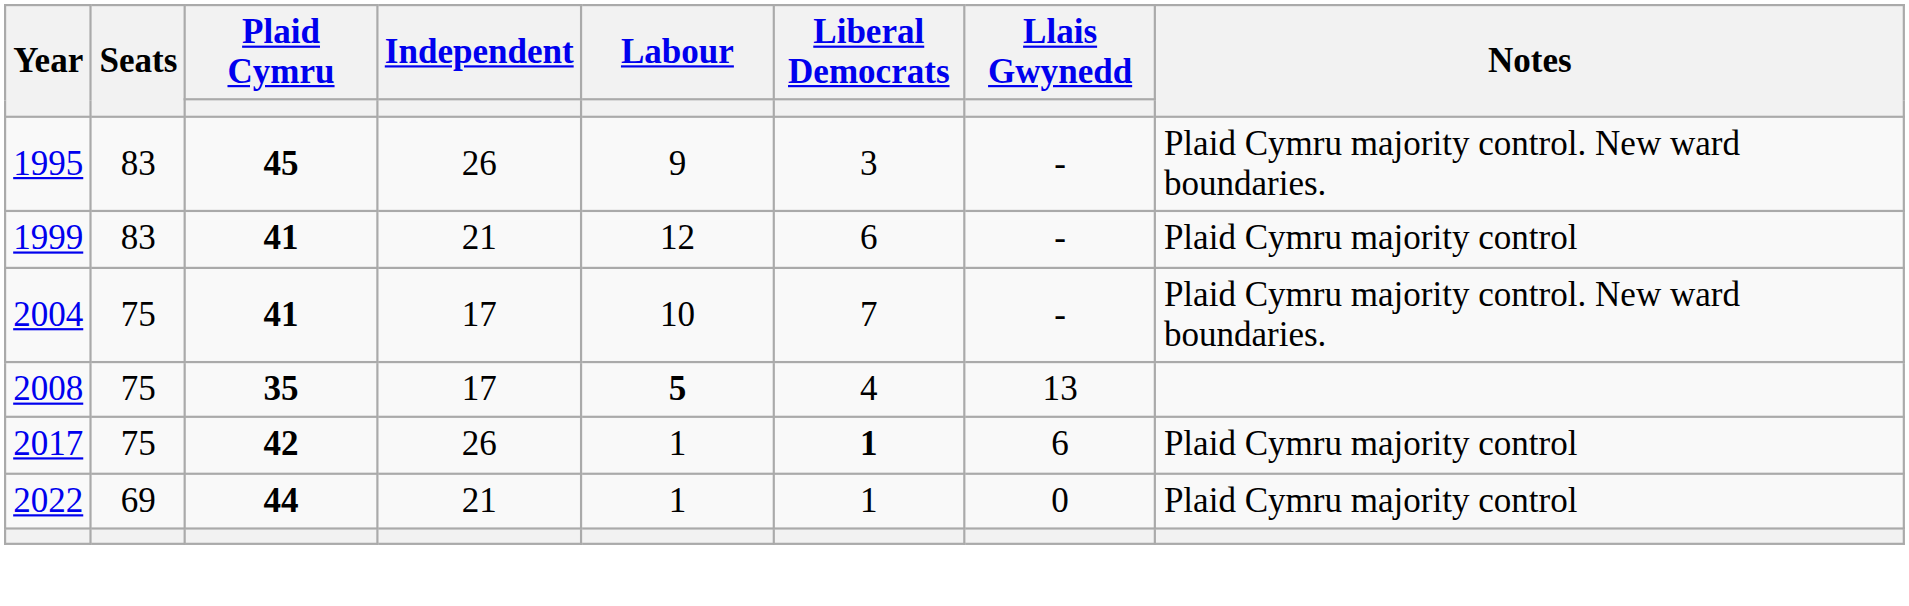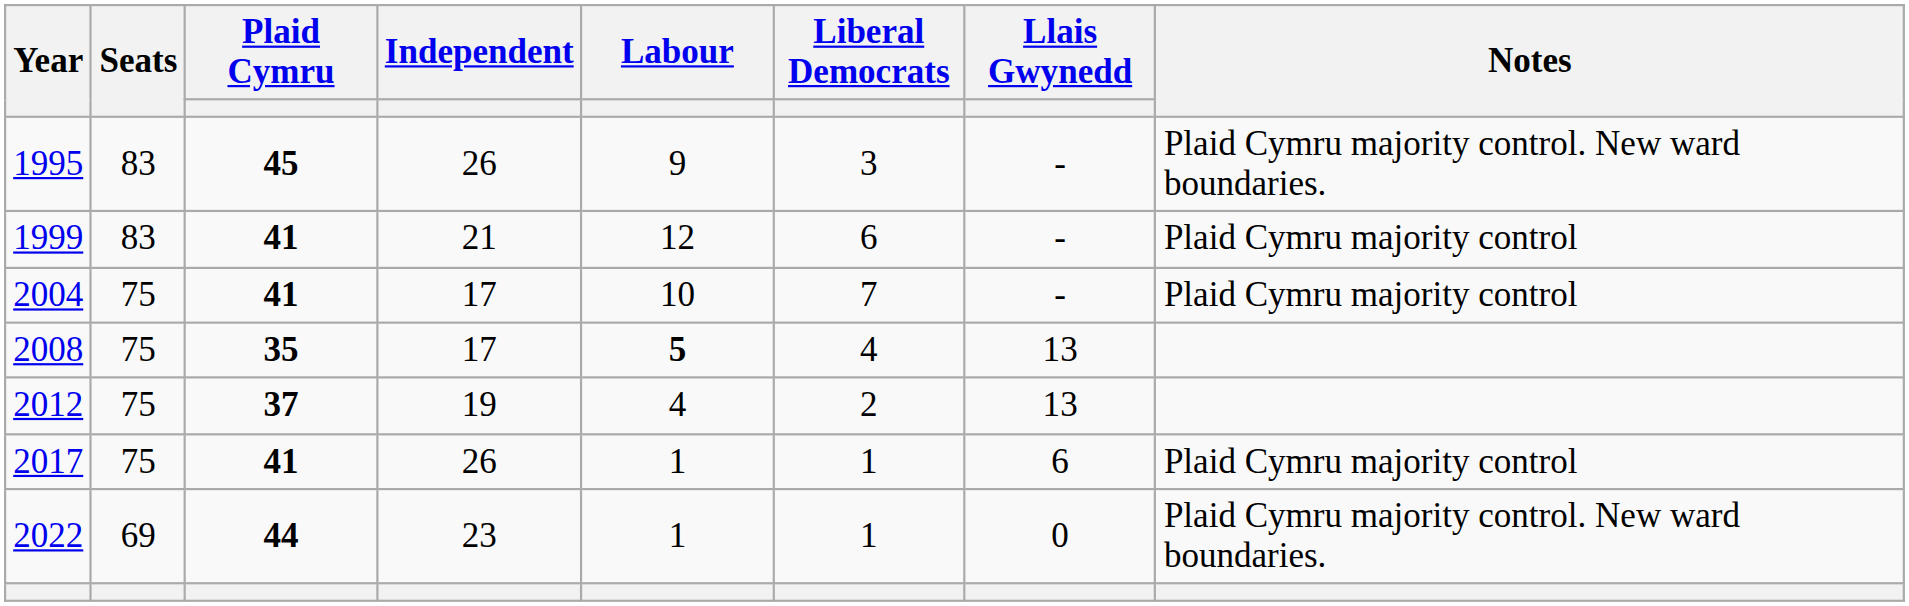 <table class="wikitable" style=text-align:center>
 <tr>
 <th rowspan=2>Year</th>
 <th rowspan=2>Seats</th>
 <th width="80"><a href='#'>Plaid Cymru</a></th>
 <th width="80"><a href='#'>Independent</a></th>
 <th width="80"><a href='#'>Labour</a></th>
 <th width="80"><a href='#'>Liberal Democrats</a></th>
 <th width="80"><a href='#'>Llais Gwynedd</a></th>
 <th rowspan=2>Notes</th>
 </tr>
 <tr>
 <th style="background-color: "></th>
 <th style="background-color: "></th>
 <th style="background-color: "></th>
 <th style="background-color: "></th>
 <th style="background-color: "></th>
 </tr>
 <tr>
 <td><a href='#'>1995</a></td>
 <td>83</td>
 <td><strong>45</strong></td>
 <td>26</td>
 <td>9</td>
 <td>3</td>
 <td>-</td>
 <td align=left>Plaid Cymru majority control. New ward boundaries.</td>
 </tr>
 <tr>
 <td><a href='#'>1999</a></td>
 <td>83</td>
 <td><strong>41</strong></td>
 <td>21</td>
 <td>12</td>
 <td>6</td>
 <td>-</td>
 <td align=left>Plaid Cymru majority control</td>
 </tr>
 <tr>
 <td><a href='#'>2004</a></td>
 <td>75</td>
 <td><strong>41</strong></td>
 <td>17</td>
 <td>10</td>
 <td>7</td>
 <td>-</td>
-<td align=left>Plaid Cymru majority control. New ward boundaries.</td>
+<td align=left>Plaid Cymru majority control</td>
 </tr>
 <tr>
 <td><a href='#'>2008</a></td>
 <td>75</td>
 <td><strong>35</strong></td>
 <td>17</td>
 <td><strong>5</strong></td>
 <td>4</td>
 <td>13</td>
 <td></td>
 </tr>
 <tr>
+<td><a href='#'>2012</a></td>
+<td>75</td>
+<td><strong>37</strong></td>
+<td>19</td>
+<td>4</td>
+<td>2</td>
+<td>13</td>
+<td></td>
+</tr>
+<tr>
 <td><a href='#'>2017</a></td>
 <td>75</td>
-<td><strong>42</strong></td>
+<td><strong>41</strong></td>
 <td>26</td>
 <td>1</td>
-<td><strong>1</strong></td>
+<td>1</td>
 <td>6</td>
 <td align=left>Plaid Cymru majority control</td>
 </tr>
 <tr>
 <td><a href='#'>2022</a></td>
 <td>69</td>
 <td><strong>44</strong></td>
-<td>21</td>
+<td>23</td>
 <td>1</td>
 <td>1</td>
 <td>0</td>
-<td align=left>Plaid Cymru majority control</td>
+<td align=left>Plaid Cymru majority control. New ward boundaries.</td>
 </tr>
 <tr>
 <th></th>
 <th></th>
 <th style="background-color: "></th>
 <th style="background-color: "></th>
 <th style="background-color: "></th>
 <th style="background-color: "></th>
 <th style="background-color: "></th>
 <th></th>
 </tr>
 </table>
